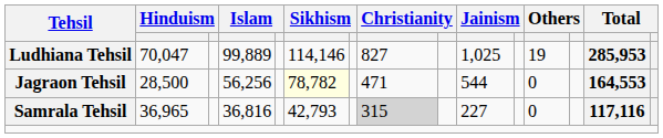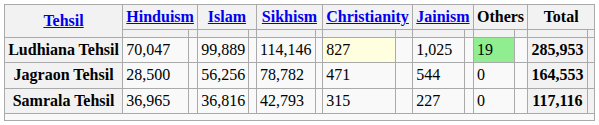 <table class="wikitable sortable">
 <tr>
 <th rowspan="2"><a href='#'>Tehsil</a></th>
 <th colspan="2"><a href='#'>Hinduism</a> </th>
 <th colspan="2"><a href='#'>Islam</a> </th>
 <th colspan="2"><a href='#'>Sikhism</a> </th>
 <th colspan="2"><a href='#'>Christianity</a> </th>
 <th colspan="2"><a href='#'>Jainism</a> </th>
 <th colspan="2">Others</th>
 <th colspan="2">Total</th>
 </tr>
 <tr>
 <th><a href='#'></a></th>
 <th></th>
 <th></th>
 <th></th>
 <th></th>
 <th></th>
 <th></th>
 <th></th>
 <th></th>
 <th></th>
 <th></th>
 <th></th>
 <th></th>
 <th></th>
 </tr>
 <tr>
 <th>Ludhiana Tehsil</th>
 <td>70,047</td>
 <td></td>
 <td>99,889</td>
 <td></td>
 <td>114,146</td>
 <td></td>
-<td>827</td>
+<td style="background: lightyellow;">827</td>
 <td></td>
 <td>1,025</td>
 <td></td>
-<td>19</td>
+<td style="background: lightgreen;">19</td>
 <td></td>
 <th>285,953</th>
 <th></th>
 </tr>
 <tr>
 <th>Jagraon Tehsil</th>
 <td>28,500</td>
 <td></td>
 <td>56,256</td>
 <td></td>
-<td style="background: lightyellow;">78,782</td>
+<td>78,782</td>
 <td></td>
 <td>471</td>
 <td></td>
 <td>544</td>
 <td></td>
 <td>0</td>
 <td></td>
 <th>164,553</th>
 <th></th>
 </tr>
 <tr>
 <th>Samrala Tehsil</th>
 <td>36,965</td>
 <td></td>
 <td>36,816</td>
 <td></td>
 <td>42,793</td>
 <td></td>
-<td style="background: lightgrey;">315</td>
+<td>315</td>
 <td></td>
 <td>227</td>
 <td></td>
 <td>0</td>
 <td></td>
 <th>117,116</th>
 <th></th>
 </tr>
 <tr class="sortbottom">
 <td colspan="15"></td>
 </tr>
 </table>
